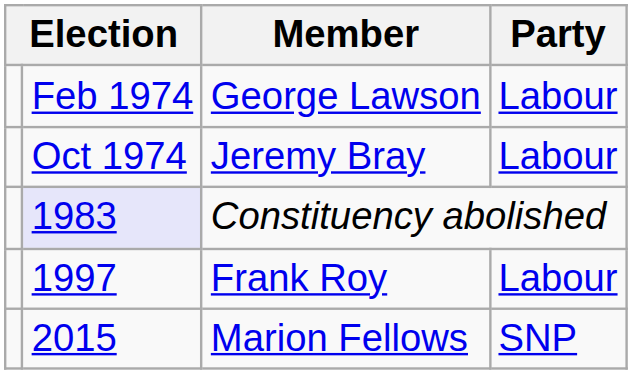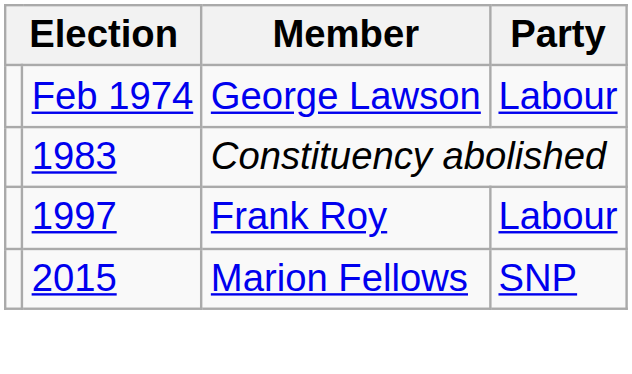 <table class="wikitable">
 <tr>
 <th colspan="2">Election</th>
 <th>Member</th>
 <th>Party</th>
 </tr>
 <tr>
 <td style="color:inherit;background-color: "></td>
 <td><a href='#'>Feb 1974</a></td>
 <td><a href='#'>George Lawson</a></td>
 <td><a href='#'>Labour</a></td>
 </tr>
 <tr>
-<td style="color:inherit;background-color: "></td>
-<td><a href='#'>Oct 1974</a></td>
-<td><a href='#'>Jeremy Bray</a></td>
-<td><a href='#'>Labour</a></td>
-</tr>
-<tr>
 <td></td>
-<td style="background: lavender;"><a href='#'>1983</a></td>
+<td><a href='#'>1983</a></td>
 <td colspan="2"><em>Constituency abolished</em></td>
 </tr>
 <tr>
 <td style="color:inherit;background-color: "></td>
 <td><a href='#'>1997</a></td>
 <td><a href='#'>Frank Roy</a></td>
 <td><a href='#'>Labour</a></td>
 </tr>
 <tr>
 <td style="color:inherit;background-color: "></td>
 <td><a href='#'>2015</a></td>
 <td><a href='#'>Marion Fellows</a></td>
 <td><a href='#'>SNP</a></td>
 </tr>
 </table>
